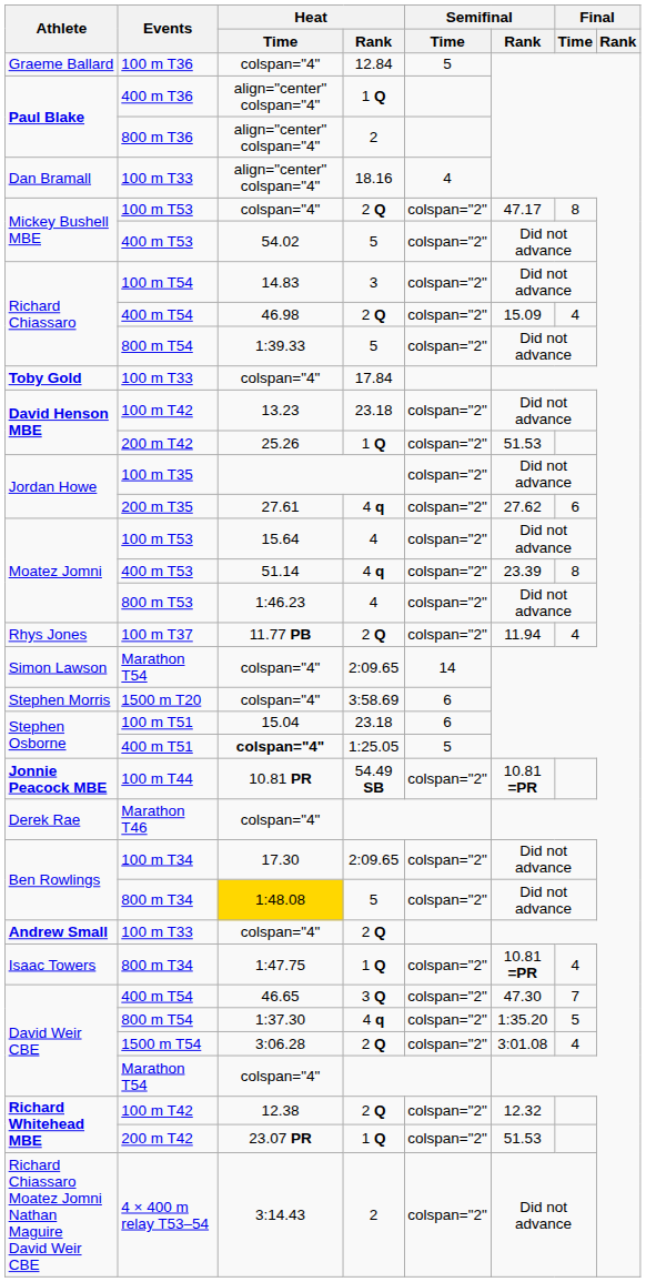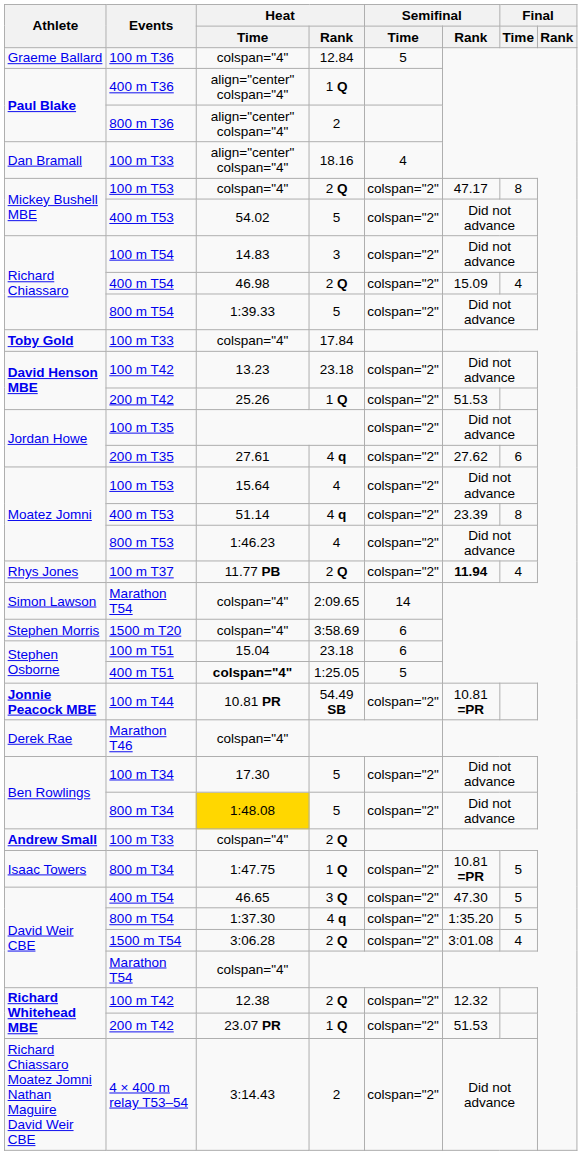 <table class=wikitable style="font-size:90%">
 <tr>
 <th rowspan="2">Athlete</th>
 <th rowspan="2">Events</th>
 <th colspan="2">Heat</th>
 <th colspan="2">Semifinal</th>
 <th colspan="2">Final</th>
 </tr>
 <tr>
 <th>Time</th>
 <th>Rank</th>
 <th>Time</th>
 <th>Rank</th>
 <th>Time</th>
 <th>Rank</th>
 </tr>
 <tr align=center>
 <td align=left><a href='#'>Graeme Ballard</a></td>
 <td align=left><a href='#'>100 m T36</a></td>
 <td>colspan="4" </td>
 <td>12.84</td>
 <td>5</td>
 </tr>
 <tr align=center>
 <td style="text-align:left;" rowspan="2"><strong><a href='#'>Paul Blake</a></strong></td>
 <td align=left><a href='#'>400 m T36</a></td>
 <td>align="center" colspan="4" </td>
 <td>1 <strong>Q</strong></td>
 <td></td>
 </tr>
 <tr align=center>
 <td align=left><a href='#'>800 m T36</a></td>
 <td>align="center" colspan="4" </td>
 <td>2</td>
 <td></td>
 </tr>
 <tr align=center>
 <td align=left><a href='#'>Dan Bramall</a></td>
 <td align=left><a href='#'>100 m T33</a></td>
 <td>align="center" colspan="4" </td>
 <td>18.16</td>
 <td>4</td>
 </tr>
 <tr align=center>
 <td style="text-align:left;" rowspan="2"><a href='#'>Mickey Bushell MBE</a></td>
 <td align=left><a href='#'>100 m T53</a></td>
 <td>colspan="4" </td>
 <td>2 <strong>Q</strong></td>
 <td>colspan="2" </td>
 <td>47.17</td>
 <td>8</td>
 </tr>
 <tr align=center>
 <td align=left><a href='#'>400 m T53</a></td>
 <td>54.02</td>
 <td>5</td>
 <td>colspan="2" </td>
 <td colspan="2">Did not advance</td>
 </tr>
 <tr align=center>
 <td style="text-align:left;" rowspan="3"><a href='#'>Richard Chiassaro</a></td>
 <td align=left><a href='#'>100 m T54</a></td>
 <td>14.83</td>
 <td>3</td>
 <td>colspan="2" </td>
 <td colspan="2">Did not advance</td>
 </tr>
 <tr align=center>
 <td align=left><a href='#'>400 m T54</a></td>
 <td>46.98</td>
 <td>2 <strong>Q</strong></td>
 <td>colspan="2" </td>
 <td>15.09</td>
 <td>4</td>
 </tr>
 <tr align=center>
 <td align=left><a href='#'>800 m T54</a></td>
 <td>1:39.33</td>
 <td>5</td>
 <td>colspan="2" </td>
 <td colspan="2">Did not advance</td>
 </tr>
 <tr align=center>
 <td align=left><strong><a href='#'>Toby Gold</a></strong></td>
 <td align=left><a href='#'>100 m T33</a></td>
 <td>colspan="4" </td>
 <td>17.84</td>
 <td></td>
 </tr>
 <tr align=center>
 <td style="text-align:left;" rowspan="2"><strong><a href='#'>David Henson MBE</a></strong></td>
 <td align=left><a href='#'>100 m T42</a></td>
 <td>13.23</td>
 <td>23.18</td>
 <td>colspan="2" </td>
 <td colspan="2">Did not advance</td>
 </tr>
 <tr align=center>
 <td align=left><a href='#'>200 m T42</a></td>
 <td>25.26</td>
 <td>1 <strong>Q</strong></td>
 <td>colspan="2" </td>
 <td>51.53</td>
 <td></td>
 </tr>
 <tr align=center>
 <td style="text-align:left;" rowspan="2"><a href='#'>Jordan Howe</a></td>
 <td align=left><a href='#'>100 m T35</a></td>
 <td colspan="2"></td>
 <td>colspan="2" </td>
 <td colspan="2">Did not advance</td>
 </tr>
 <tr align=center>
 <td align=left><a href='#'>200 m T35</a></td>
 <td>27.61</td>
 <td>4 <strong>q</strong></td>
 <td>colspan="2" </td>
 <td>27.62</td>
 <td>6</td>
 </tr>
 <tr align=center>
 <td style="text-align:left;" rowspan="3"><a href='#'>Moatez Jomni</a></td>
 <td align=left><a href='#'>100 m T53</a></td>
 <td>15.64</td>
 <td>4</td>
 <td>colspan="2" </td>
 <td colspan="2">Did not advance</td>
 </tr>
 <tr align=center>
 <td align=left><a href='#'>400 m T53</a></td>
 <td>51.14</td>
 <td>4 <strong>q</strong></td>
 <td>colspan="2" </td>
 <td>23.39</td>
 <td>8</td>
 </tr>
 <tr align=center>
 <td align=left><a href='#'>800 m T53</a></td>
 <td>1:46.23</td>
 <td>4</td>
 <td>colspan="2" </td>
 <td colspan="2">Did not advance</td>
 </tr>
 <tr align=center>
 <td align=left><a href='#'>Rhys Jones</a></td>
 <td align=left><a href='#'>100 m T37</a></td>
 <td>11.77 <strong>PB</strong></td>
 <td>2 <strong>Q</strong></td>
 <td>colspan="2" </td>
-<td>11.94</td>
+<td><strong>11.94</strong></td>
 <td>4</td>
 </tr>
 <tr align=center>
 <td align=left><a href='#'>Simon Lawson</a></td>
 <td align=left><a href='#'>Marathon T54</a></td>
 <td>colspan="4" </td>
 <td>2:09.65</td>
 <td>14</td>
 </tr>
 <tr align=center>
 <td align=left><a href='#'>Stephen Morris</a></td>
 <td align=left><a href='#'>1500 m T20</a></td>
 <td>colspan="4" </td>
 <td>3:58.69</td>
 <td>6</td>
 </tr>
 <tr align=center>
 <td style="text-align:left;" rowspan="2"><a href='#'>Stephen Osborne</a></td>
 <td align=left><a href='#'>100 m T51</a></td>
 <td>15.04</td>
 <td>23.18</td>
 <td>6</td>
 </tr>
 <tr align=center>
 <td align=left><a href='#'>400 m T51</a></td>
 <td><strong>colspan="4" </strong></td>
 <td>1:25.05</td>
 <td>5</td>
 </tr>
 <tr align=center>
 <td align=left><strong><a href='#'>Jonnie Peacock MBE</a></strong></td>
 <td align=left><a href='#'>100 m T44</a></td>
 <td>10.81 <strong>PR</strong></td>
 <td>54.49 <strong>SB</strong></td>
 <td>colspan="2" </td>
 <td>10.81 <strong>=PR</strong></td>
 <td></td>
 </tr>
 <tr align=center>
 <td align=left><a href='#'>Derek Rae</a></td>
 <td align=left><a href='#'>Marathon T46</a></td>
 <td>colspan="4" </td>
 <td colspan="2"></td>
 </tr>
 <tr align=center>
 <td style="text-align:left;" rowspan="2"><a href='#'>Ben Rowlings</a></td>
 <td align=left><a href='#'>100 m T34</a></td>
 <td>17.30</td>
-<td>2:09.65</td>
+<td>5</td>
 <td>colspan="2" </td>
 <td colspan="2">Did not advance</td>
 </tr>
 <tr align=center>
 <td align=left><a href='#'>800 m T34</a></td>
 <td style="background: gold;">1:48.08</td>
 <td>5</td>
 <td>colspan="2" </td>
 <td colspan="2">Did not advance</td>
 </tr>
 <tr align=center>
 <td align=left><strong><a href='#'>Andrew Small</a></strong></td>
 <td align=left><a href='#'>100 m T33</a></td>
 <td>colspan="4" </td>
 <td>2 <strong>Q</strong></td>
 <td></td>
 </tr>
 <tr align=center>
 <td align=left><a href='#'>Isaac Towers</a></td>
 <td align=left><a href='#'>800 m T34</a></td>
 <td>1:47.75</td>
 <td>1 <strong>Q</strong></td>
 <td>colspan="2" </td>
 <td>10.81 <strong>=PR</strong></td>
-<td>4</td>
+<td>5</td>
 </tr>
 <tr align=center>
 <td style="text-align:left;" rowspan="4"><a href='#'>David Weir CBE</a></td>
 <td align=left><a href='#'>400 m T54</a></td>
 <td>46.65</td>
 <td>3 <strong>Q</strong></td>
 <td>colspan="2" </td>
 <td>47.30</td>
-<td>7</td>
+<td>5</td>
 </tr>
 <tr align=center>
 <td align=left><a href='#'>800 m T54</a></td>
 <td>1:37.30</td>
 <td>4 <strong>q</strong></td>
 <td>colspan="2" </td>
 <td>1:35.20</td>
 <td>5</td>
 </tr>
 <tr align=center>
 <td align=left><a href='#'>1500 m T54</a></td>
 <td>3:06.28</td>
 <td>2 <strong>Q</strong></td>
 <td>colspan="2" </td>
 <td>3:01.08</td>
 <td>4</td>
 </tr>
 <tr align=center>
 <td align=left><a href='#'>Marathon T54</a></td>
 <td>colspan="4" </td>
 <td colspan="2"></td>
 </tr>
 <tr align=center>
 <td style="text-align:left;" rowspan="2"><strong><a href='#'>Richard Whitehead MBE</a></strong></td>
 <td align=left><a href='#'>100 m T42</a></td>
 <td>12.38</td>
 <td>2 <strong>Q</strong></td>
 <td>colspan="2" </td>
 <td>12.32</td>
 <td></td>
 </tr>
 <tr align=center>
 <td align=left><a href='#'>200 m T42</a></td>
 <td>23.07 <strong>PR</strong></td>
 <td>1 <strong>Q</strong></td>
 <td>colspan="2" </td>
 <td>51.53</td>
 <td></td>
 </tr>
 <tr align=center>
 <td align=left><a href='#'>Richard Chiassaro</a><br><a href='#'>Moatez Jomni</a><br><a href='#'>Nathan Maguire</a><br><a href='#'>David Weir CBE</a></td>
 <td align=left><a href='#'>4 × 400 m relay T53–54</a></td>
 <td>3:14.43</td>
 <td>2</td>
 <td>colspan="2" </td>
 <td colspan="2">Did not advance</td>
 </tr>
 </table>
